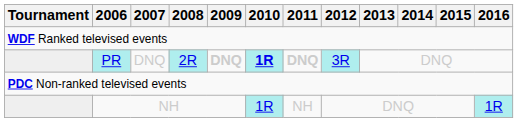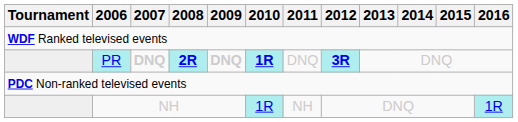 <table class="wikitable" style="width:20%; margin:0">
 <tr>
 <th>Tournament</th>
 <th>2006</th>
 <th>2007</th>
 <th>2008</th>
 <th>2009</th>
 <th>2010</th>
 <th>2011</th>
 <th>2012</th>
 <th>2013</th>
 <th>2014</th>
 <th>2015</th>
 <th>2016</th>
 </tr>
 <tr>
 <td colspan="12" style="text-align:left"><small><strong><a href='#'>WDF</a> </strong>Ranked televised events</small></td>
 </tr>
 <tr>
 <td style="background:#efefef;"></td>
 <td style="text-align:center; background:#afeeee;"><a href='#'>PR</a></td>
-<td style="text-align:center; color:#ccc;">DNQ</td>
-<td style="text-align:center; background:#afeeee;"><a href='#'>2R</a></td>
+<td style="text-align:center; color:#ccc;"><strong>DNQ</strong></td>
+<td style="text-align:center; background:#afeeee;"><strong><a href='#'>2R</a></strong></td>
 <td style="text-align:center; color:#ccc;"><strong>DNQ</strong></td>
 <td style="text-align:center; background:#afeeee;"><strong><a href='#'>1R</a></strong></td>
-<td style="text-align:center; color:#ccc;"><strong>DNQ</strong></td>
-<td style="text-align:center; background:#afeeee;"><a href='#'>3R</a></td>
+<td style="text-align:center; color:#ccc;">DNQ</td>
+<td style="text-align:center; background:#afeeee;"><strong><a href='#'>3R</a></strong></td>
 <td colspan="4" style="text-align:center; color:#ccc;">DNQ</td>
 </tr>
 <tr>
 <td colspan="12" style="text-align:left"><small><strong><a href='#'>PDC</a> </strong>Non-ranked televised events</small></td>
 </tr>
 <tr>
 <td style="background:#efefef;"></td>
 <td colspan="4" style="text-align:center; color:#ccc;">NH</td>
 <td style="text-align:center; background:#afeeee;"><a href='#'>1R</a></td>
 <td style="text-align:center; color:#ccc;">NH</td>
 <td colspan="4" style="text-align:center; color:#ccc;">DNQ</td>
 <td style="text-align:center; background:#afeeee;"><a href='#'>1R</a></td>
 </tr>
 </table>
